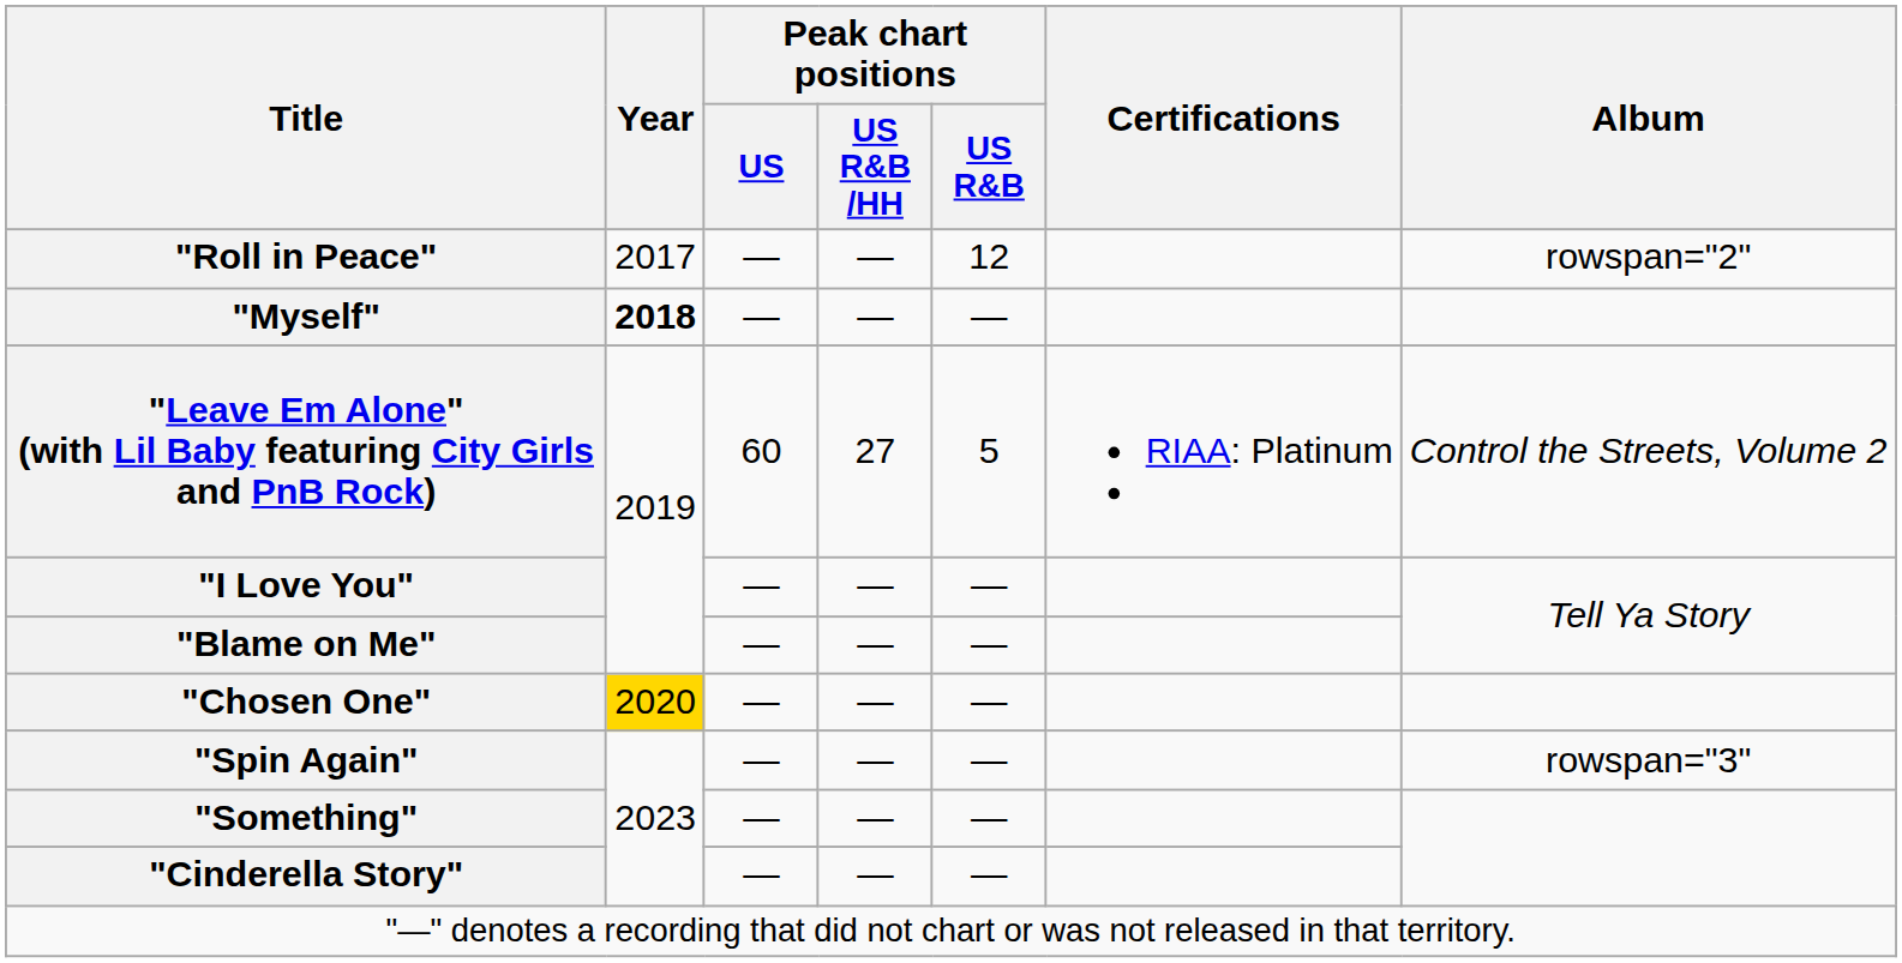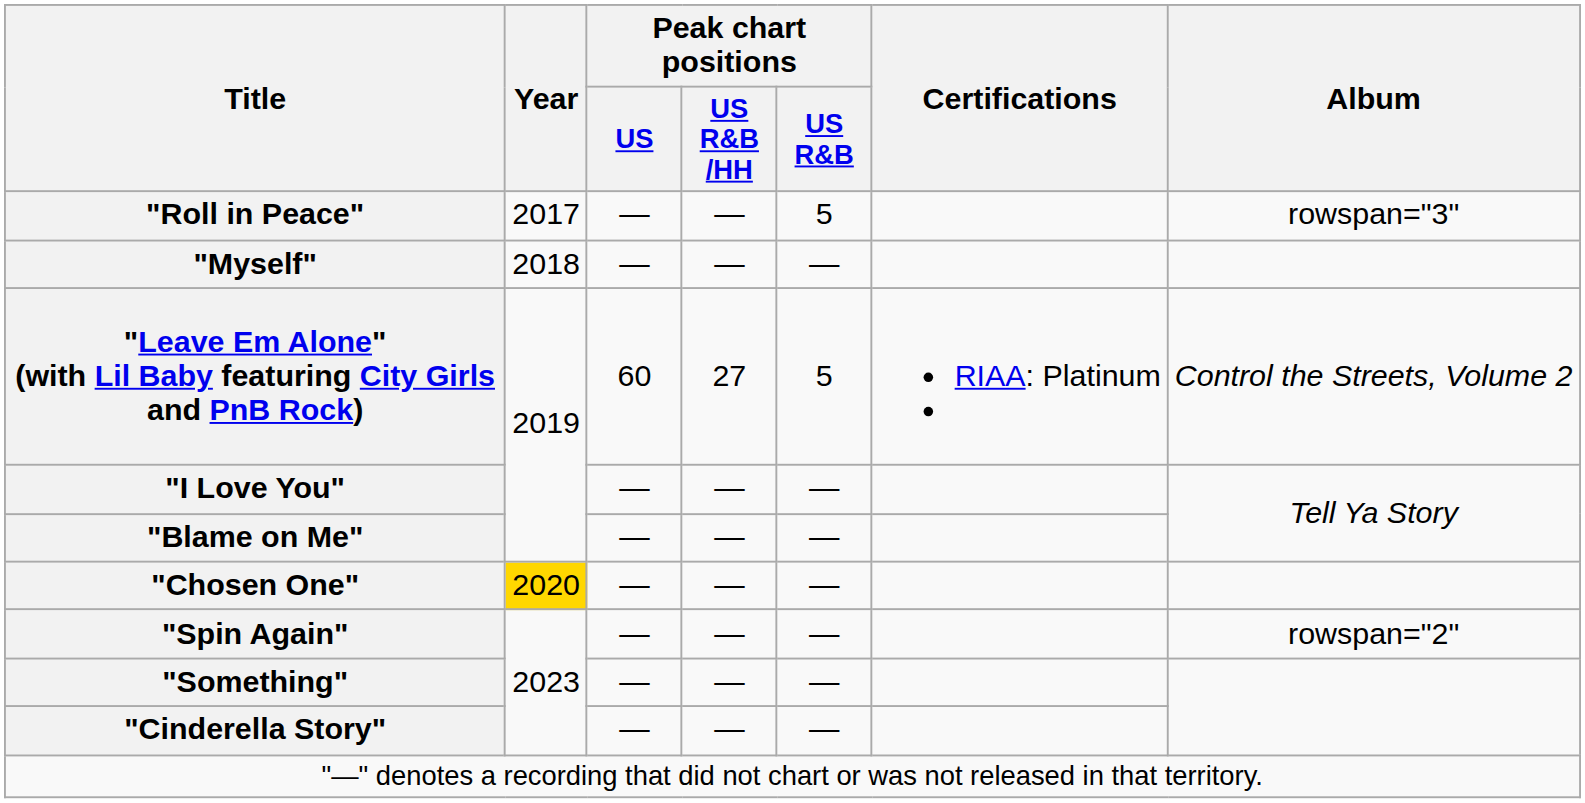 <table class="wikitable plainrowheaders" style="text-align:center;">
 <tr>
 <th rowspan="2" scope="col" style="width:16em;">Title</th>
 <th rowspan="2" scope="col" style="width:1em;">Year</th>
 <th colspan="3" scope="col">Peak chart positions</th>
 <th rowspan="2">Certifications</th>
 <th rowspan="2" scope="col">Album</th>
 </tr>
 <tr>
 <th scope="col" style="width:3em;font-size:90%;"><a href='#'>US</a><br></th>
 <th scope="col" style="width:3em;font-size:90%;"><a href='#'>US<br>R&B<br>/HH</a><br></th>
 <th scope="col" style="width:3em;font-size:90%;"><a href='#'>US</a><br><a href='#'>R&B</a><br></th>
 </tr>
 <tr>
 <th scope="row">"Roll in Peace"</th>
 <td>2017</td>
 <td>—</td>
 <td>—</td>
-<td>12</td>
+<td>5</td>
 <td></td>
-<td>rowspan="2" </td>
+<td>rowspan="3" </td>
 </tr>
 <tr>
 <th scope="row">"Myself"</th>
-<td><strong>2018</strong></td>
+<td>2018</td>
 <td>—</td>
 <td>—</td>
 <td>—</td>
 <td></td>
 </tr>
 <tr>
 <th scope="row">"<a href='#'>Leave Em Alone</a>"<br><span>(with <a href='#'>Lil Baby</a> featuring <a href='#'>City Girls</a> and <a href='#'>PnB Rock</a>)</span></th>
 <td rowspan="3">2019</td>
 <td>60</td>
 <td>27</td>
 <td>5</td>
 <td><br><ul><li><a href='#'>RIAA</a>: Platinum</li><li></li></ul></td>
 <td><em>Control the Streets, Volume 2</em></td>
 </tr>
 <tr>
 <th scope="row">"I Love You"</th>
 <td>—</td>
 <td>—</td>
 <td>—</td>
 <td></td>
 <td rowspan="2"><em>Tell Ya Story</em></td>
 </tr>
 <tr>
 <th scope="row">"Blame on Me"</th>
 <td>—</td>
 <td>—</td>
 <td>—</td>
 <td></td>
 </tr>
 <tr>
 <th scope="row">"Chosen One"</th>
 <td rowspan="1" style="background: gold;">2020</td>
 <td>—</td>
 <td>—</td>
 <td>—</td>
 <td></td>
 <td></td>
 </tr>
 <tr>
 <th scope="row">"Spin Again"</th>
 <td rowspan="3">2023</td>
 <td>—</td>
 <td>—</td>
 <td>—</td>
 <td></td>
-<td>rowspan="3" </td>
+<td>rowspan="2" </td>
 </tr>
 <tr>
 <th scope="row">"Something"</th>
 <td>—</td>
 <td>—</td>
 <td>—</td>
 <td></td>
 </tr>
 <tr>
 <th scope="row">"Cinderella Story"</th>
 <td>—</td>
 <td>—</td>
 <td>—</td>
 <td></td>
 </tr>
 <tr>
 <td colspan="8" style="font-size:90%">"—" denotes a recording that did not chart or was not released in that territory.</td>
 </tr>
 </table>
